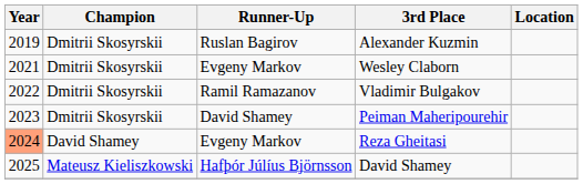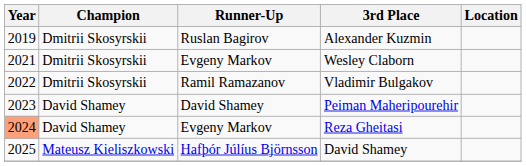 <table class="wikitable sortable" style="display: inline-table">
 <tr>
 <th>Year</th>
 <th>Champion</th>
 <th>Runner-Up</th>
 <th>3rd Place</th>
 <th>Location</th>
 </tr>
 <tr>
 <td>2019</td>
 <td> Dmitrii Skosyrskii</td>
 <td> Ruslan Bagirov</td>
 <td> Alexander Kuzmin</td>
 <td></td>
 </tr>
 <tr>
 <td>2021</td>
 <td> Dmitrii Skosyrskii</td>
 <td> Evgeny Markov</td>
 <td> Wesley Claborn</td>
 <td></td>
 </tr>
 <tr>
 <td>2022</td>
 <td> Dmitrii Skosyrskii</td>
 <td> Ramil Ramazanov</td>
 <td> Vladimir Bulgakov</td>
 <td></td>
 </tr>
 <tr>
 <td>2023</td>
-<td> Dmitrii Skosyrskii</td>
+<td> David Shamey</td>
 <td> David Shamey</td>
 <td> <a href='#'>Peiman Maheripourehir</a></td>
 <td></td>
 </tr>
 <tr>
 <td style="background: lightsalmon;">2024</td>
 <td> David Shamey</td>
 <td> Evgeny Markov</td>
 <td> <a href='#'>Reza Gheitasi</a></td>
 <td></td>
 </tr>
 <tr>
 <td>2025</td>
 <td> <a href='#'>Mateusz Kieliszkowski</a></td>
 <td> <a href='#'>Hafþór Júlíus Björnsson</a></td>
 <td> David Shamey</td>
 <td></td>
 </tr>
 <tr>
 </tr>
 </table>
